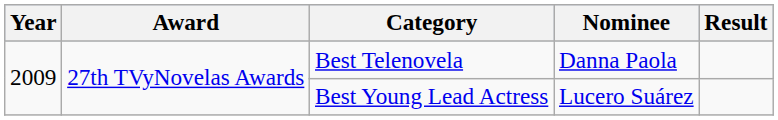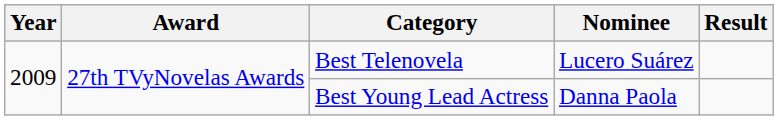 <table class="wikitable">
 <tr style="background:#b0c4de;">
 <th>Year</th>
 <th>Award</th>
 <th>Category</th>
 <th>Nominee</th>
 <th>Result</th>
 </tr>
 <tr>
 <td rowspan=2>2009</td>
 <td rowspan=2><a href='#'>27th TVyNovelas Awards</a></td>
 <td><a href='#'>Best Telenovela</a></td>
-<td><a href='#'>Danna Paola</a></td>
+<td><a href='#'>Lucero Suárez</a></td>
 <td></td>
 </tr>
 <tr>
 <td><a href='#'>Best Young Lead Actress</a></td>
-<td><a href='#'>Lucero Suárez</a></td>
+<td><a href='#'>Danna Paola</a></td>
 <td></td>
 </tr>
 </table>
